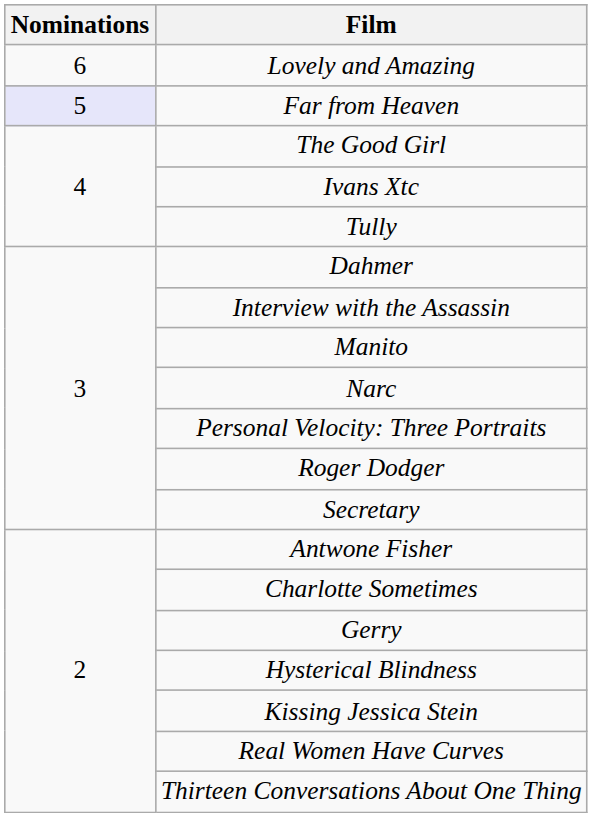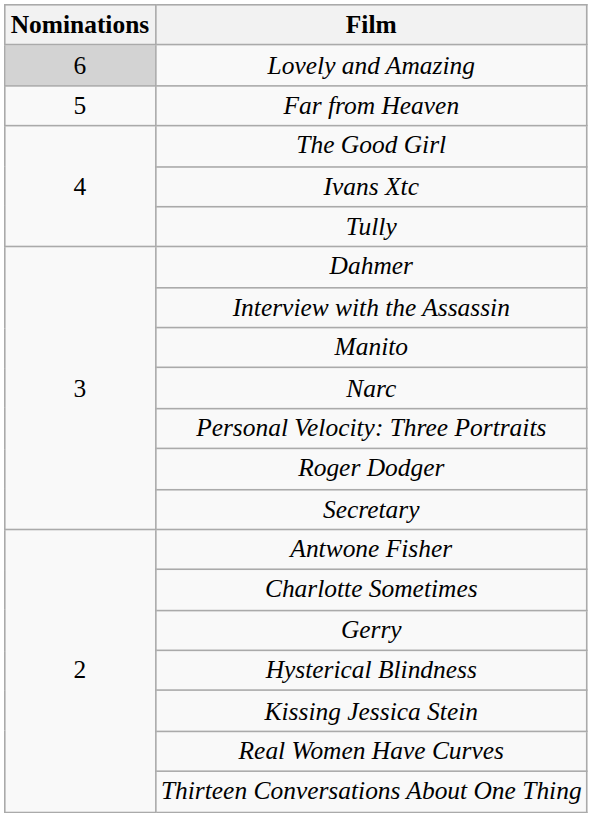 <table class="wikitable" rowspan=2 border=2 style="text-align:center;">
 <tr>
 <th>Nominations</th>
 <th>Film</th>
 </tr>
 <tr>
-<td>6</td>
+<td style="background: lightgrey;">6</td>
 <td><em>Lovely and Amazing</em></td>
 </tr>
 <tr>
-<td style="background: lavender;">5</td>
+<td>5</td>
 <td><em>Far from Heaven</em></td>
 </tr>
 <tr>
 <td rowspan="3">4</td>
 <td><em>The Good Girl</em></td>
 </tr>
 <tr>
 <td><em>Ivans Xtc</em></td>
 </tr>
 <tr>
 <td><em>Tully</em></td>
 </tr>
 <tr>
 <td rowspan="7">3</td>
 <td><em>Dahmer</em></td>
 </tr>
 <tr>
 <td><em>Interview with the Assassin</em></td>
 </tr>
 <tr>
 <td><em>Manito</em></td>
 </tr>
 <tr>
 <td><em>Narc</em></td>
 </tr>
 <tr>
 <td><em>Personal Velocity: Three Portraits</em></td>
 </tr>
 <tr>
 <td><em>Roger Dodger</em></td>
 </tr>
 <tr>
 <td><em>Secretary</em></td>
 </tr>
 <tr>
 <td rowspan="7">2</td>
 <td><em>Antwone Fisher</em></td>
 </tr>
 <tr>
 <td><em>Charlotte Sometimes</em></td>
 </tr>
 <tr>
 <td><em>Gerry</em></td>
 </tr>
 <tr>
 <td><em>Hysterical Blindness</em></td>
 </tr>
 <tr>
 <td><em>Kissing Jessica Stein</em></td>
 </tr>
 <tr>
 <td><em>Real Women Have Curves</em></td>
 </tr>
 <tr>
 <td><em>Thirteen Conversations About One Thing</em></td>
 </tr>
 </table>
